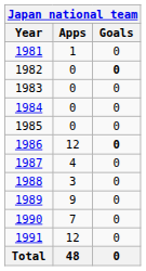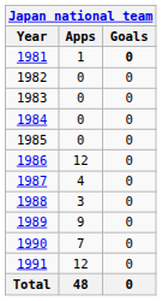 <table class="wikitable" style="text-align:center">
 <tr>
 <th colspan=3><a href='#'>Japan national team</a></th>
 </tr>
 <tr>
 <th>Year</th>
 <th>Apps</th>
 <th>Goals</th>
 </tr>
 <tr>
 <td><a href='#'>1981</a></td>
 <td>1</td>
-<td>0</td>
+<td><strong>0</strong></td>
 </tr>
 <tr>
 <td>1982</td>
 <td>0</td>
-<td><strong>0</strong></td>
+<td>0</td>
 </tr>
 <tr>
 <td>1983</td>
 <td>0</td>
 <td>0</td>
 </tr>
 <tr>
 <td><a href='#'>1984</a></td>
 <td>0</td>
 <td>0</td>
 </tr>
 <tr>
 <td>1985</td>
 <td>0</td>
 <td>0</td>
 </tr>
 <tr>
 <td><a href='#'>1986</a></td>
 <td>12</td>
-<td><strong>0</strong></td>
+<td>0</td>
 </tr>
 <tr>
 <td><a href='#'>1987</a></td>
 <td>4</td>
 <td>0</td>
 </tr>
 <tr>
 <td><a href='#'>1988</a></td>
 <td>3</td>
 <td>0</td>
 </tr>
 <tr>
 <td><a href='#'>1989</a></td>
 <td>9</td>
 <td>0</td>
 </tr>
 <tr>
 <td><a href='#'>1990</a></td>
 <td>7</td>
 <td>0</td>
 </tr>
 <tr>
 <td><a href='#'>1991</a></td>
 <td>12</td>
 <td>0</td>
 </tr>
 <tr>
 <th>Total</th>
 <th>48</th>
 <th>0</th>
 </tr>
 </table>
